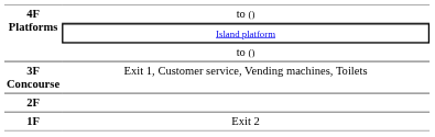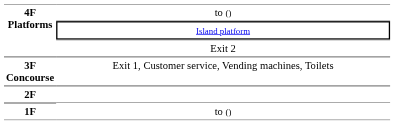 <table table border=0 cellspacing=0 cellpadding=3>
 <tr>
 <td style="border-bottom:solid 1px gray;border-top:solid 1px gray;text-align:center" rowspan="3" valign=top width=50><strong>4F<br>Platforms</strong></td>
 <td style="border-bottom:solid 1px gray;border-top:solid 1px gray;text-align:center;">  to  <small>()</small></td>
 </tr>
 <tr>
 <td style="border-right:solid 2px black;border-left:solid 2px black;border-top:solid 2px black;border-bottom:solid 2px black;text-align:center;"><small><a href='#'>Island platform</a></small></td>
 </tr>
 <tr>
-<td style="border-bottom:solid 1px gray;text-align:center;"> to  <small>()</small> </td>
+<td style="border-bottom:solid 1px gray; border-top:solid 1px gray;text-align:center" valign=top width=500>Exit 2</td>
 </tr>
 <tr>
 <td style="border-bottom:solid 1px gray; border-top:solid 1px gray;text-align:center" valign=top><strong>3F<br>Concourse</strong></td>
 <td style="border-bottom:solid 1px gray; border-top:solid 1px gray;text-align:center" valign=top width=500>Exit 1, Customer service, Vending machines, Toilets</td>
 </tr>
 <tr>
 <td style="border-bottom:solid 1px gray; border-top:solid 1px gray;text-align:center" valign=top><strong>2F</strong></td>
 <td style="border-bottom:solid 1px gray; border-top:solid 1px gray;text-align:center" valign=top width=500></td>
 </tr>
 <tr>
 <td style="border-bottom:solid 1px gray; border-top:solid 1px gray;text-align:center" valign=top><strong>1F</strong></td>
-<td style="border-bottom:solid 1px gray; border-top:solid 1px gray;text-align:center" valign=top width=500>Exit 2</td>
+<td style="border-bottom:solid 1px gray;text-align:center;"> to  <small>()</small> </td>
 </tr>
 </table>
